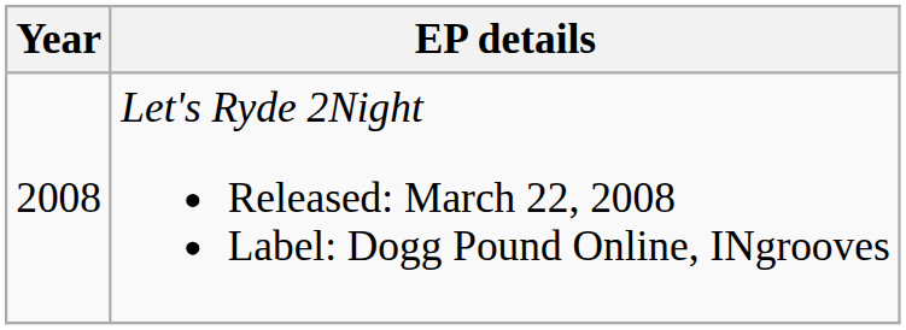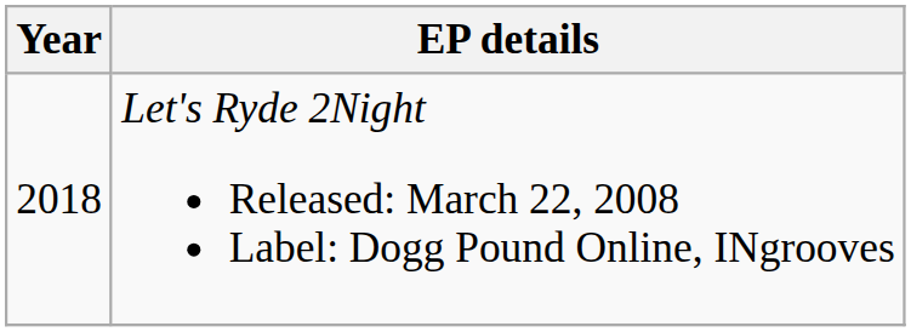 <table class="wikitable">
 <tr>
 <th rowspan="1">Year</th>
 <th rowspan="1">EP details</th>
 </tr>
 <tr>
-<td>2008</td>
+<td>2018</td>
 <td><em>Let's Ryde 2Night</em><br><ul><li>Released: March 22, 2008</li><li>Label: Dogg Pound Online, INgrooves</li></ul></td>
 </tr>
 <tr>
 </tr>
 </table>
